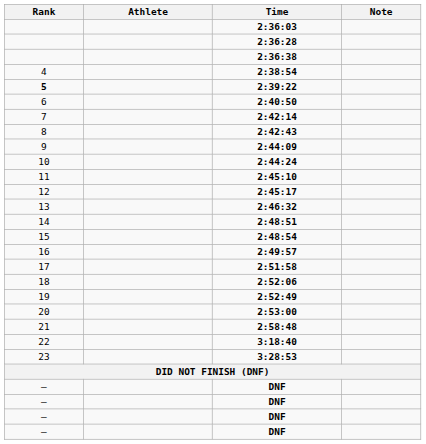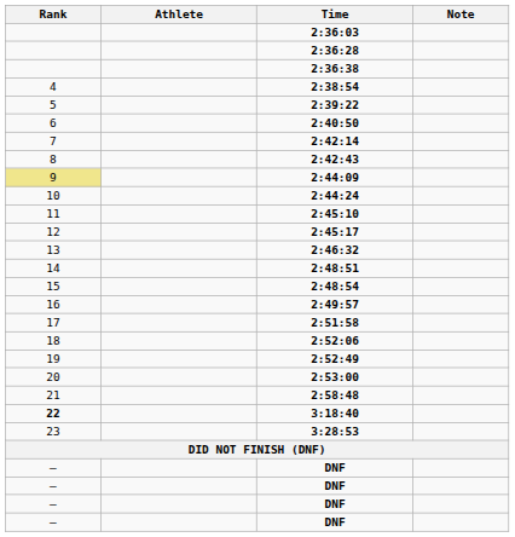 <table class="wikitable" style=" text-align:center; font-size:110%;" width="50%">
 <tr>
 <th>Rank</th>
 <th>Athlete</th>
 <th>Time</th>
 <th>Note</th>
 </tr>
 <tr>
 <td></td>
 <td align=left></td>
 <td align="center"><strong>2:36:03</strong></td>
 <td></td>
 </tr>
 <tr>
 <td></td>
 <td align=left></td>
 <td><strong>2:36:28</strong></td>
 <td></td>
 </tr>
 <tr>
 <td></td>
 <td align=left></td>
 <td><strong>2:36:38</strong></td>
 <td></td>
 </tr>
 <tr>
 <td>4</td>
 <td align=left></td>
 <td><strong>2:38:54</strong></td>
 <td></td>
 </tr>
 <tr>
-<td><strong>5</strong></td>
+<td>5</td>
 <td align=left></td>
 <td><strong>2:39:22</strong></td>
 <td></td>
 </tr>
 <tr>
 <td>6</td>
 <td align=left></td>
 <td><strong>2:40:50</strong></td>
 <td></td>
 </tr>
 <tr>
 <td>7</td>
 <td align=left></td>
 <td><strong>2:42:14</strong></td>
 <td></td>
 </tr>
 <tr>
 <td>8</td>
 <td align=left></td>
 <td><strong>2:42:43</strong></td>
 <td></td>
 </tr>
 <tr>
-<td>9</td>
+<td style="background: khaki;">9</td>
 <td align=left></td>
 <td><strong>2:44:09</strong></td>
 <td></td>
 </tr>
 <tr>
 <td>10</td>
 <td align=left></td>
 <td><strong>2:44:24</strong></td>
 <td></td>
 </tr>
 <tr>
 <td>11</td>
 <td align=left></td>
 <td><strong>2:45:10</strong></td>
 <td></td>
 </tr>
 <tr>
 <td>12</td>
 <td align=left></td>
 <td><strong>2:45:17</strong></td>
 <td></td>
 </tr>
 <tr>
 <td>13</td>
 <td align=left></td>
 <td><strong>2:46:32</strong></td>
 <td></td>
 </tr>
 <tr>
 <td>14</td>
 <td align=left></td>
 <td><strong>2:48:51</strong></td>
 <td></td>
 </tr>
 <tr>
 <td>15</td>
 <td align=left></td>
 <td><strong>2:48:54</strong></td>
 <td></td>
 </tr>
 <tr>
 <td>16</td>
 <td align=left></td>
 <td><strong>2:49:57</strong></td>
 <td></td>
 </tr>
 <tr>
 <td>17</td>
 <td align=left></td>
 <td><strong>2:51:58</strong></td>
 <td></td>
 </tr>
 <tr>
 <td>18</td>
 <td align=left></td>
 <td><strong>2:52:06</strong></td>
 <td></td>
 </tr>
 <tr>
 <td>19</td>
 <td align=left></td>
 <td><strong>2:52:49</strong></td>
 <td></td>
 </tr>
 <tr>
 <td>20</td>
 <td align=left></td>
 <td><strong>2:53:00</strong></td>
 <td></td>
 </tr>
 <tr>
 <td>21</td>
 <td align=left></td>
 <td><strong>2:58:48</strong></td>
 <td></td>
 </tr>
 <tr>
-<td>22</td>
+<td><strong>22</strong></td>
 <td align=left></td>
 <td><strong>3:18:40</strong></td>
 <td></td>
 </tr>
 <tr>
 <td>23</td>
 <td align=left></td>
 <td><strong>3:28:53</strong></td>
 <td></td>
 </tr>
 <tr>
 <th colspan="4">DID NOT FINISH (DNF)</th>
 </tr>
 <tr>
 <td>—</td>
 <td align=left></td>
 <td><strong>DNF</strong></td>
 <td></td>
 </tr>
 <tr>
 <td>—</td>
 <td align=left></td>
 <td><strong>DNF</strong></td>
 <td></td>
 </tr>
 <tr>
 <td>—</td>
 <td align=left></td>
 <td><strong>DNF</strong></td>
 <td></td>
 </tr>
 <tr>
 <td>—</td>
 <td align=left></td>
 <td><strong>DNF</strong></td>
 <td></td>
 </tr>
 </table>
